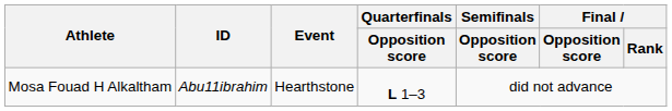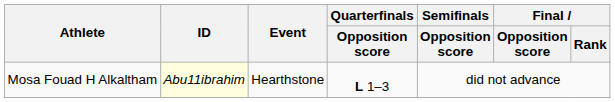 <table class=wikitable style="font-size:90%; text-align:center;">
 <tr>
 <th rowspan=2>Athlete</th>
 <th rowspan=2>ID</th>
 <th rowspan=2>Event</th>
 <th>Quarterfinals</th>
 <th>Semifinals</th>
 <th colspan=2>Final / </th>
 </tr>
 <tr>
 <th>Opposition<br> score</th>
 <th>Opposition<br> score</th>
 <th>Opposition<br> score</th>
 <th>Rank</th>
 </tr>
 <tr>
 <td align=left>Mosa Fouad H Alkaltham</td>
-<td align=left><em>Abu11ibrahim</em></td>
+<td align=left style="background: lightyellow;"><em>Abu11ibrahim</em></td>
 <td align=left>Hearthstone</td>
 <td><br><strong>L</strong> 1–3</td>
 <td colspan=3>did not advance</td>
 </tr>
 </table>
